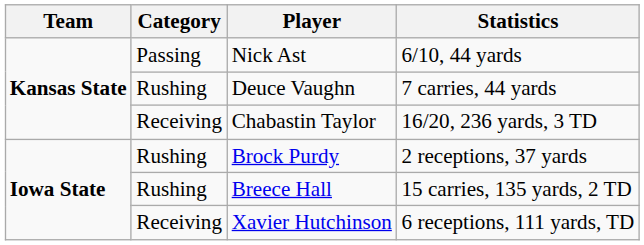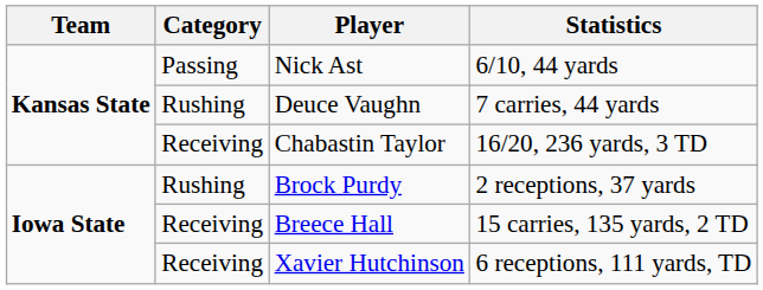 <table class="wikitable" style="float: right;">
 <tr>
 <th>Team</th>
 <th>Category</th>
 <th>Player</th>
 <th>Statistics</th>
 </tr>
 <tr>
 <td rowspan=3><strong>Kansas State</strong></td>
 <td>Passing</td>
 <td>Nick Ast</td>
 <td>6/10, 44 yards</td>
 </tr>
 <tr>
 <td>Rushing</td>
 <td>Deuce Vaughn</td>
 <td>7 carries, 44 yards</td>
 </tr>
 <tr>
 <td>Receiving</td>
 <td>Chabastin Taylor</td>
 <td>16/20, 236 yards, 3 TD</td>
 </tr>
 <tr>
 <td rowspan=3><strong>Iowa State</strong></td>
 <td>Rushing</td>
 <td><a href='#'>Brock Purdy</a></td>
 <td>2 receptions, 37 yards</td>
 </tr>
 <tr>
-<td>Rushing</td>
+<td>Receiving</td>
 <td><a href='#'>Breece Hall</a></td>
 <td>15 carries, 135 yards, 2 TD</td>
 </tr>
 <tr>
 <td>Receiving</td>
 <td><a href='#'>Xavier Hutchinson</a></td>
 <td>6 receptions, 111 yards, TD</td>
 </tr>
 </table>
